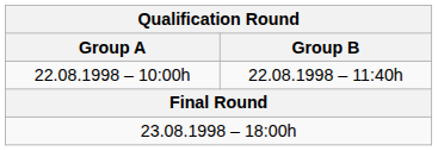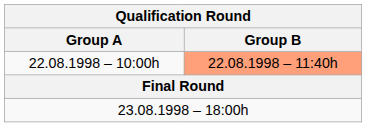 <table class="wikitable" style=" text-align:center; font-size:110%;" width="35%">
 <tr>
 <th colspan="2">Qualification Round</th>
 </tr>
 <tr>
 <th>Group A</th>
 <th>Group B</th>
 </tr>
 <tr>
 <td>22.08.1998 – 10:00h</td>
-<td>22.08.1998 – 11:40h</td>
+<td style="background: lightsalmon;">22.08.1998 – 11:40h</td>
 </tr>
 <tr>
 <th colspan="2">Final Round</th>
 </tr>
 <tr>
 <td colspan="2">23.08.1998 – 18:00h</td>
 </tr>
 </table>
